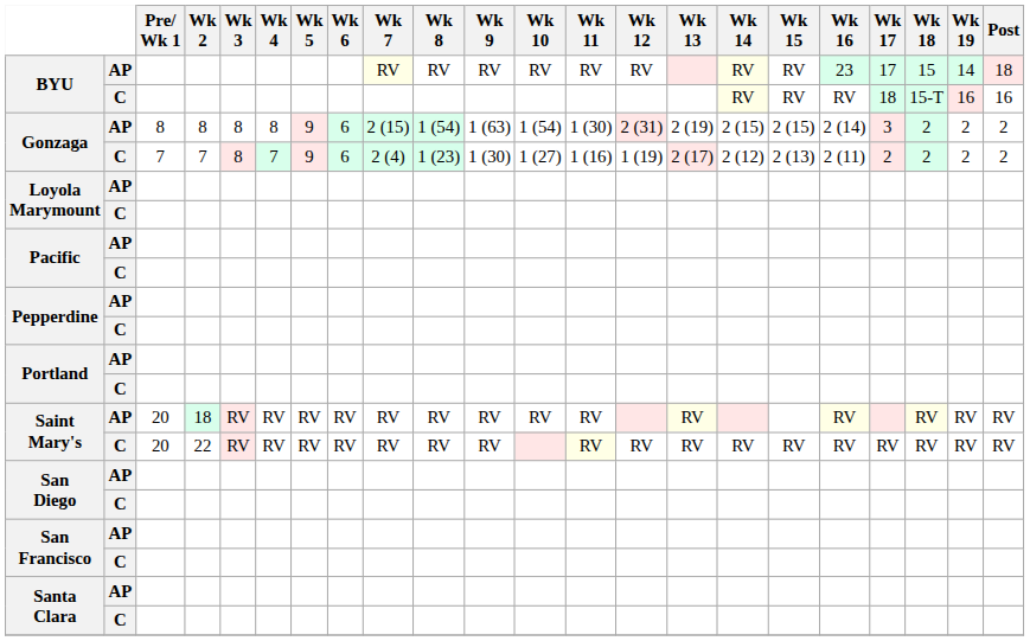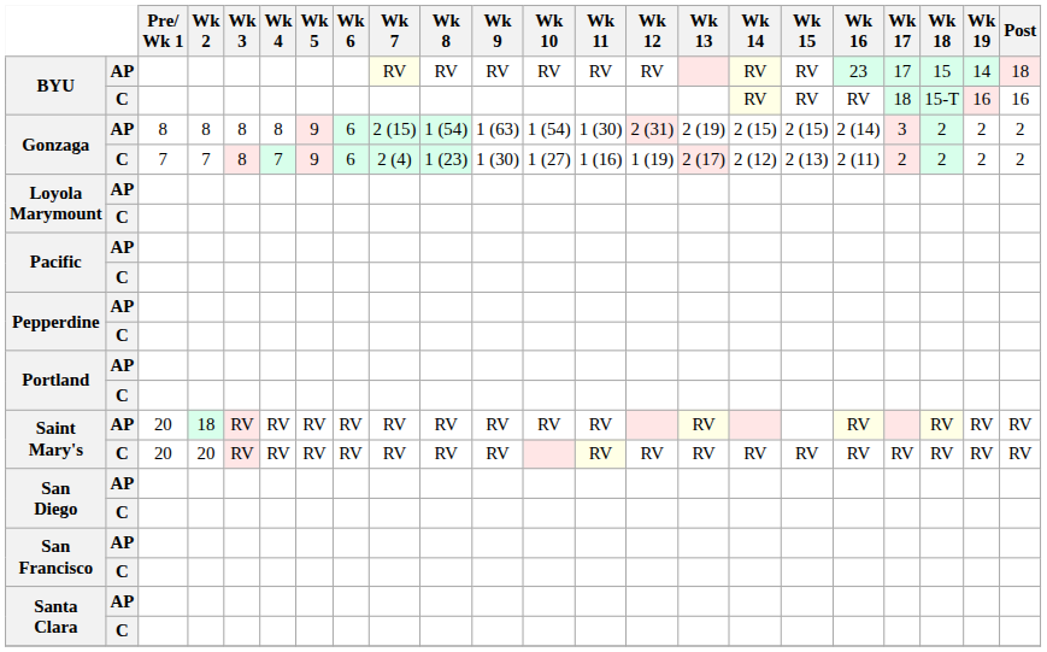 <table class="wikitable" style="white-space:nowrap;font-size:90%;text-align:center;">
 <tr>
 <th colspan="2" style="background:white; border-top-style:hidden; border-left-style:hidden;"> </th>
 <th>Pre/<br>Wk 1</th>
 <th>Wk<br>2</th>
 <th>Wk<br>3</th>
 <th>Wk<br>4</th>
 <th>Wk<br>5</th>
 <th>Wk<br>6</th>
 <th>Wk<br>7</th>
 <th>Wk<br>8</th>
 <th>Wk<br>9</th>
 <th>Wk<br>10</th>
 <th>Wk<br>11</th>
 <th>Wk<br>12</th>
 <th>Wk<br>13</th>
 <th>Wk<br>14</th>
 <th>Wk<br>15</th>
 <th>Wk<br>16</th>
 <th>Wk<br>17</th>
 <th>Wk<br>18</th>
 <th>Wk<br>19</th>
 <th>Post</th>
 </tr>
 <tr style="text-align:center;">
 <th rowspan="2">BYU</th>
 <th>AP</th>
 <td style="background:#FFF;"></td>
 <td style="background:#FFF;"></td>
 <td style="background:#FFF;"></td>
 <td style="background:#FFF;"></td>
 <td style="background:#FFF;"></td>
 <td style="background:#FFF;"></td>
 <td style="background:#ffffe6;">RV</td>
 <td style="background:#FFF;">RV</td>
 <td style="background:#FFF;">RV</td>
 <td style="background:#FFF;">RV</td>
 <td style="background:#FFF;">RV</td>
 <td style="background:#FFF;">RV</td>
 <td style="background:#ffe6e6;"></td>
 <td style="background:#ffffe6;">RV</td>
 <td style="background:#FFF;">RV</td>
 <td style="background:#d8ffeb;">23</td>
 <td style="background:#d8ffeb;">17</td>
 <td style="background:#d8ffeb;">15</td>
 <td style="background:#d8ffeb;">14</td>
 <td style="background:#ffe6e6;">18</td>
 </tr>
 <tr style="text-align:center;">
 <th>C</th>
 <td style="background:#FFF;"></td>
 <td style="background:#FFF;"></td>
 <td style="background:#FFF;"></td>
 <td style="background:#FFF;"></td>
 <td style="background:#FFF;"></td>
 <td style="background:#FFF;"></td>
 <td style="background:#FFF;"></td>
 <td style="background:#FFF;"></td>
 <td style="background:#FFF;"></td>
 <td style="background:#FFF;"></td>
 <td style="background:#FFF;"></td>
 <td style="background:#FFF;"></td>
 <td style="background:#FFF;"></td>
 <td style="background:#ffffe6;">RV</td>
 <td style="background:#FFF;">RV</td>
 <td style="background:#FFF;">RV</td>
 <td style="background:#d8ffeb;">18</td>
 <td style="background:#d8ffeb;">15-T</td>
 <td style="background:#ffe6e6;">16</td>
 <td style="background:#FFF;">16</td>
 </tr>
 <tr style="text-align:center;">
 <th rowspan="2">Gonzaga</th>
 <th>AP</th>
 <td style="background:#FFF;">8</td>
 <td style="background:#FFF;">8</td>
 <td style="background:#FFF;">8</td>
 <td style="background:#FFF;">8</td>
 <td style="background:#FFe6e6;">9</td>
 <td style="background:#d8ffeb;">6</td>
 <td style="background:#d8ffeb;">2 (15)</td>
 <td style="background:#d8ffeb;">1 (54)</td>
 <td style="background:#FFF;">1 (63)</td>
 <td style="background:#FFF;">1 (54)</td>
 <td style="background:#FFF;">1 (30)</td>
 <td style="background:#ffe6e6;">2 (31)</td>
 <td style="background:#FFF;">2 (19)</td>
 <td style="background:#FFF;">2 (15)</td>
 <td style="background:#FFF;">2 (15)</td>
 <td style="background:#FFF;">2 (14)</td>
 <td style="background:#ffe6e6;">3</td>
 <td style="background:#d8ffeb;">2</td>
 <td style="background:#FFF;">2</td>
 <td style="background:#FFF;">2</td>
 </tr>
 <tr style="text-align:center;">
 <th>C</th>
 <td style="background:#FFF;">7</td>
 <td style="background:#FFF;">7</td>
 <td style="background:#ffe6e6;">8</td>
 <td style="background:#d8ffeb;">7</td>
 <td style="background:#ffe6e6;">9</td>
 <td style="background:#d8ffeb;">6</td>
 <td style="background:#d8ffeb;">2 (4)</td>
 <td style="background:#d6ffeb;">1 (23)</td>
 <td style="background:#FFF;">1 (30)</td>
 <td style="background:#FFF;">1 (27)</td>
 <td style="background:#FFF;">1 (16)</td>
 <td style="background:#FFF;">1 (19)</td>
 <td style="background:#ffe6e6;">2 (17)</td>
 <td style="background:#FFF;">2 (12)</td>
 <td style="background:#FFF;">2 (13)</td>
 <td style="background:#FFF;">2 (11)</td>
 <td style="background:#ffe6e6;">2</td>
 <td style="background:#d8ffeb;">2</td>
 <td style="background:#FFF;">2</td>
 <td style="background:#FFF;">2</td>
 </tr>
 <tr style="text-align:center;">
 <th rowspan="2">Loyola<br>Marymount</th>
 <th>AP</th>
 <td style="background:#FFF;"></td>
 <td style="background:#FFF;"></td>
 <td style="background:#FFF;"></td>
 <td style="background:#FFF;"></td>
 <td style="background:#FFF;"></td>
 <td style="background:#FFF;"></td>
 <td style="background:#FFF;"></td>
 <td style="background:#FFF;"></td>
 <td style="background:#FFF;"></td>
 <td style="background:#FFF;"></td>
 <td style="background:#FFF;"></td>
 <td style="background:#FFF;"></td>
 <td style="background:#FFF;"></td>
 <td style="background:#FFF;"></td>
 <td style="background:#FFF;"></td>
 <td style="background:#FFF;"></td>
 <td style="background:#FFF;"></td>
 <td style="background:#FFF;"></td>
 <td style="background:#FFF;"></td>
 <td style="background:#FFF;"></td>
 </tr>
 <tr style="text-align:center;">
 <th>C</th>
 <td style="background:#FFF;"></td>
 <td style="background:#FFF;"></td>
 <td style="background:#FFF;"></td>
 <td style="background:#FFF;"></td>
 <td style="background:#FFF;"></td>
 <td style="background:#FFF;"></td>
 <td style="background:#FFF;"></td>
 <td style="background:#FFF;"></td>
 <td style="background:#FFF;"></td>
 <td style="background:#FFF;"></td>
 <td style="background:#FFF;"></td>
 <td style="background:#FFF;"></td>
 <td style="background:#FFF;"></td>
 <td style="background:#FFF;"></td>
 <td style="background:#FFF;"></td>
 <td style="background:#FFF;"></td>
 <td style="background:#FFF;"></td>
 <td style="background:#FFF;"></td>
 <td style="background:#FFF;"></td>
 <td style="background:#FFF;"></td>
 </tr>
 <tr style="text-align:center;">
 <th rowspan="2">Pacific</th>
 <th>AP</th>
 <td style="background:#FFF;"></td>
 <td style="background:#FFF;"></td>
 <td style="background:#FFF;"></td>
 <td style="background:#FFF;"></td>
 <td style="background:#FFF;"></td>
 <td style="background:#FFF;"></td>
 <td style="background:#FFF;"></td>
 <td style="background:#FFF;"></td>
 <td style="background:#FFF;"></td>
 <td style="background:#FFF;"></td>
 <td style="background:#FFF;"></td>
 <td style="background:#FFF;"></td>
 <td style="background:#FFF;"></td>
 <td style="background:#FFF;"></td>
 <td style="background:#FFF;"></td>
 <td style="background:#FFF;"></td>
 <td style="background:#FFF;"></td>
 <td style="background:#FFF;"></td>
 <td style="background:#FFF;"></td>
 <td style="background:#FFF;"></td>
 </tr>
 <tr style="text-align:center;">
 <th>C</th>
 <td style="background:#FFF;"></td>
 <td style="background:#FFF;"></td>
 <td style="background:#FFF;"></td>
 <td style="background:#FFF;"></td>
 <td style="background:#FFF;"></td>
 <td style="background:#FFF;"></td>
 <td style="background:#FFF;"></td>
 <td style="background:#FFF;"></td>
 <td style="background:#FFF;"></td>
 <td style="background:#FFF;"></td>
 <td style="background:#FFF;"></td>
 <td style="background:#FFF;"></td>
 <td style="background:#FFF;"></td>
 <td style="background:#FFF;"></td>
 <td style="background:#FFF;"></td>
 <td style="background:#FFF;"></td>
 <td style="background:#FFF;"></td>
 <td style="background:#FFF;"></td>
 <td style="background:#FFF;"></td>
 <td style="background:#FFF;"></td>
 </tr>
 <tr style="text-align:center;">
 <th rowspan="2">Pepperdine</th>
 <th>AP</th>
 <td style="background:#FFF;"></td>
 <td style="background:#FFF;"></td>
 <td style="background:#FFF;"></td>
 <td style="background:#FFF;"></td>
 <td style="background:#FFF;"></td>
 <td style="background:#FFF;"></td>
 <td style="background:#FFF;"></td>
 <td style="background:#FFF;"></td>
 <td style="background:#FFF;"></td>
 <td style="background:#FFF;"></td>
 <td style="background:#FFF;"></td>
 <td style="background:#FFF;"></td>
 <td style="background:#FFF;"></td>
 <td style="background:#FFF;"></td>
 <td style="background:#FFF;"></td>
 <td style="background:#FFF;"></td>
 <td style="background:#FFF;"></td>
 <td style="background:#FFF;"></td>
 <td style="background:#FFF;"></td>
 <td style="background:#FFF;"></td>
 </tr>
 <tr style="text-align:center;">
 <th>C</th>
 <td style="background:#FFF;"></td>
 <td style="background:#FFF;"></td>
 <td style="background:#FFF;"></td>
 <td style="background:#FFF;"></td>
 <td style="background:#FFF;"></td>
 <td style="background:#FFF;"></td>
 <td style="background:#FFF;"></td>
 <td style="background:#FFF;"></td>
 <td style="background:#FFF;"></td>
 <td style="background:#FFF;"></td>
 <td style="background:#FFF;"></td>
 <td style="background:#FFF;"></td>
 <td style="background:#FFF;"></td>
 <td style="background:#FFF;"></td>
 <td style="background:#FFF;"></td>
 <td style="background:#FFF;"></td>
 <td style="background:#FFF;"></td>
 <td style="background:#FFF;"></td>
 <td style="background:#FFF;"></td>
 <td style="background:#FFF;"></td>
 </tr>
 <tr style="text-align:center;">
 <th rowspan="2">Portland</th>
 <th>AP</th>
 <td style="background:#FFF;"></td>
 <td style="background:#FFF;"></td>
 <td style="background:#FFF;"></td>
 <td style="background:#FFF;"></td>
 <td style="background:#FFF;"></td>
 <td style="background:#FFF;"></td>
 <td style="background:#FFF;"></td>
 <td style="background:#FFF;"></td>
 <td style="background:#FFF;"></td>
 <td style="background:#FFF;"></td>
 <td style="background:#FFF;"></td>
 <td style="background:#FFF;"></td>
 <td style="background:#FFF;"></td>
 <td style="background:#FFF;"></td>
 <td style="background:#FFF;"></td>
 <td style="background:#FFF;"></td>
 <td style="background:#FFF;"></td>
 <td style="background:#FFF;"></td>
 <td style="background:#FFF;"></td>
 <td style="background:#FFF;"></td>
 </tr>
 <tr style="text-align:center;">
 <th>C</th>
 <td style="background:#FFF;"></td>
 <td style="background:#FFF;"></td>
 <td style="background:#FFF;"></td>
 <td style="background:#FFF;"></td>
 <td style="background:#FFF;"></td>
 <td style="background:#FFF;"></td>
 <td style="background:#FFF;"></td>
 <td style="background:#FFF;"></td>
 <td style="background:#FFF;"></td>
 <td style="background:#FFF;"></td>
 <td style="background:#FFF;"></td>
 <td style="background:#FFF;"></td>
 <td style="background:#FFF;"></td>
 <td style="background:#FFF;"></td>
 <td style="background:#FFF;"></td>
 <td style="background:#FFF;"></td>
 <td style="background:#FFF;"></td>
 <td style="background:#FFF;"></td>
 <td style="background:#FFF;"></td>
 <td style="background:#FFF;"></td>
 </tr>
 <tr style="text-align:center;">
 <th rowspan="2">Saint<br>Mary's</th>
 <th>AP</th>
 <td style="background:#FFF;">20</td>
 <td style="background:#d8ffeb;">18</td>
 <td style="background:#ffe6e6;">RV</td>
 <td style="background:#FFF;">RV</td>
 <td style="background:#FFF;">RV</td>
 <td style="background:#FFF;">RV</td>
 <td style="background:#FFF;">RV</td>
 <td style="background:#FFF;">RV</td>
 <td style="background:#FFF;">RV</td>
 <td style="background:#FFF;">RV</td>
 <td style="background:#FFF;">RV</td>
 <td style="background:#ffe6e6;"></td>
 <td style="background:#ffffe6;">RV</td>
 <td style="background:#ffe6e6;"></td>
 <td style="background:#FFF;"></td>
 <td style="background:#ffffe6;">RV</td>
 <td style="background:#ffe6e6;"></td>
 <td style="background:#ffffe6;">RV</td>
 <td style="background:#FFF;">RV</td>
 <td style="background:#FFF;">RV</td>
 </tr>
 <tr style="text-align:center;">
 <th>C</th>
 <td style="background:#FFF;">20</td>
-<td style="background:#FFF;">22</td>
+<td style="background:#FFF;">20</td>
 <td style="background:#ffe6e6;">RV</td>
 <td style="background:#FFF;">RV</td>
 <td style="background:#FFF;">RV</td>
 <td style="background:#FFF;">RV</td>
 <td style="background:#FFF;">RV</td>
 <td style="background:#FFF;">RV</td>
 <td style="background:#FFF;">RV</td>
 <td style="background:#ffe6e6;"></td>
 <td style="background:#ffffe6;">RV</td>
 <td style="background:#FFF;">RV</td>
 <td style="background:#FFF;">RV</td>
 <td style="background:#FFF;">RV</td>
 <td style="background:#FFF;">RV</td>
 <td style="background:#FFF;">RV</td>
 <td style="background:#FFF;">RV</td>
 <td style="background:#FFF;">RV</td>
 <td style="background:#FFF;">RV</td>
 <td style="background:#FFF;">RV</td>
 </tr>
 <tr style="text-align:center;">
 <th rowspan="2">San<br>Diego</th>
 <th>AP</th>
 <td style="background:#FFF;"></td>
 <td style="background:#FFF;"></td>
 <td style="background:#FFF;"></td>
 <td style="background:#FFF;"></td>
 <td style="background:#FFF;"></td>
 <td style="background:#FFF;"></td>
 <td style="background:#FFF;"></td>
 <td style="background:#FFF;"></td>
 <td style="background:#FFF;"></td>
 <td style="background:#FFF;"></td>
 <td style="background:#FFF;"></td>
 <td style="background:#FFF;"></td>
 <td style="background:#FFF;"></td>
 <td style="background:#FFF;"></td>
 <td style="background:#FFF;"></td>
 <td style="background:#FFF;"></td>
 <td style="background:#FFF;"></td>
 <td style="background:#FFF;"></td>
 <td style="background:#FFF;"></td>
 <td style="background:#FFF;"></td>
 </tr>
 <tr style="text-align:center;">
 <th>C</th>
 <td style="background:#FFF;"></td>
 <td style="background:#FFF;"></td>
 <td style="background:#FFF;"></td>
 <td style="background:#FFF;"></td>
 <td style="background:#FFF;"></td>
 <td style="background:#FFF;"></td>
 <td style="background:#FFF;"></td>
 <td style="background:#FFF;"></td>
 <td style="background:#FFF;"></td>
 <td style="background:#FFF;"></td>
 <td style="background:#FFF;"></td>
 <td style="background:#FFF;"></td>
 <td style="background:#FFF;"></td>
 <td style="background:#FFF;"></td>
 <td style="background:#FFF;"></td>
 <td style="background:#FFF;"></td>
 <td style="background:#FFF;"></td>
 <td style="background:#FFF;"></td>
 <td style="background:#FFF;"></td>
 <td style="background:#FFF;"></td>
 </tr>
 <tr style="text-align:center;">
 <th rowspan="2">San<br>Francisco</th>
 <th>AP</th>
 <td style="background:#FFF;"></td>
 <td style="background:#FFF;"></td>
 <td style="background:#FFF;"></td>
 <td style="background:#FFF;"></td>
 <td style="background:#FFF;"></td>
 <td style="background:#FFF;"></td>
 <td style="background:#FFF;"></td>
 <td style="background:#FFF;"></td>
 <td style="background:#FFF;"></td>
 <td style="background:#FFF;"></td>
 <td style="background:#FFF;"></td>
 <td style="background:#FFF;"></td>
 <td style="background:#FFF;"></td>
 <td style="background:#FFF;"></td>
 <td style="background:#FFF;"></td>
 <td style="background:#FFF;"></td>
 <td style="background:#FFF;"></td>
 <td style="background:#FFF;"></td>
 <td style="background:#FFF;"></td>
 <td style="background:#FFF;"></td>
 </tr>
 <tr style="text-align:center;">
 <th>C</th>
 <td style="background:#FFF;"></td>
 <td style="background:#FFF;"></td>
 <td style="background:#FFF;"></td>
 <td style="background:#FFF;"></td>
 <td style="background:#FFF;"></td>
 <td style="background:#FFF;"></td>
 <td style="background:#FFF;"></td>
 <td style="background:#FFF;"></td>
 <td style="background:#FFF;"></td>
 <td style="background:#FFF;"></td>
 <td style="background:#FFF;"></td>
 <td style="background:#FFF;"></td>
 <td style="background:#FFF;"></td>
 <td style="background:#FFF;"></td>
 <td style="background:#FFF;"></td>
 <td style="background:#FFF;"></td>
 <td style="background:#FFF;"></td>
 <td style="background:#FFF;"></td>
 <td style="background:#FFF;"></td>
 <td style="background:#FFF;"></td>
 </tr>
 <tr style="text-align:center;">
 <th rowspan="2">Santa<br>Clara</th>
 <th>AP</th>
 <td style="background:#FFF;"></td>
 <td style="background:#FFF;"></td>
 <td style="background:#FFF;"></td>
 <td style="background:#FFF;"></td>
 <td style="background:#FFF;"></td>
 <td style="background:#FFF;"></td>
 <td style="background:#FFF;"></td>
 <td style="background:#FFF;"></td>
 <td style="background:#FFF;"></td>
 <td style="background:#FFF;"></td>
 <td style="background:#FFF;"></td>
 <td style="background:#FFF;"></td>
 <td style="background:#FFF;"></td>
 <td style="background:#FFF;"></td>
 <td style="background:#FFF;"></td>
 <td style="background:#FFF;"></td>
 <td style="background:#FFF;"></td>
 <td style="background:#FFF;"></td>
 <td style="background:#FFF;"></td>
 <td style="background:#FFF;"></td>
 </tr>
 <tr style="text-align:center;">
 <th>C</th>
 <td style="background:#FFF;"></td>
 <td style="background:#FFF;"></td>
 <td style="background:#FFF;"></td>
 <td style="background:#FFF;"></td>
 <td style="background:#FFF;"></td>
 <td style="background:#FFF;"></td>
 <td style="background:#FFF;"></td>
 <td style="background:#FFF;"></td>
 <td style="background:#FFF;"></td>
 <td style="background:#FFF;"></td>
 <td style="background:#FFF;"></td>
 <td style="background:#FFF;"></td>
 <td style="background:#FFF;"></td>
 <td style="background:#FFF;"></td>
 <td style="background:#FFF;"></td>
 <td style="background:#FFF;"></td>
 <td style="background:#FFF;"></td>
 <td style="background:#FFF;"></td>
 <td style="background:#FFF;"></td>
 <td style="background:#FFF;"></td>
 </tr>
 <tr>
 </tr>
 </table>
